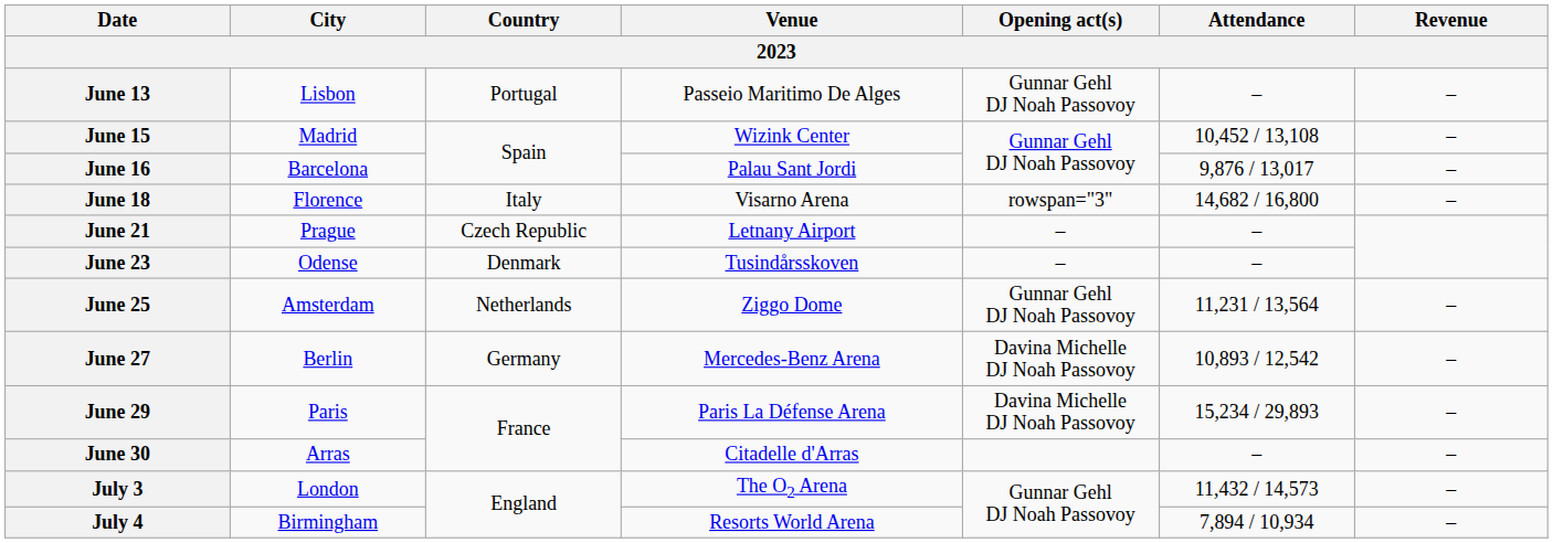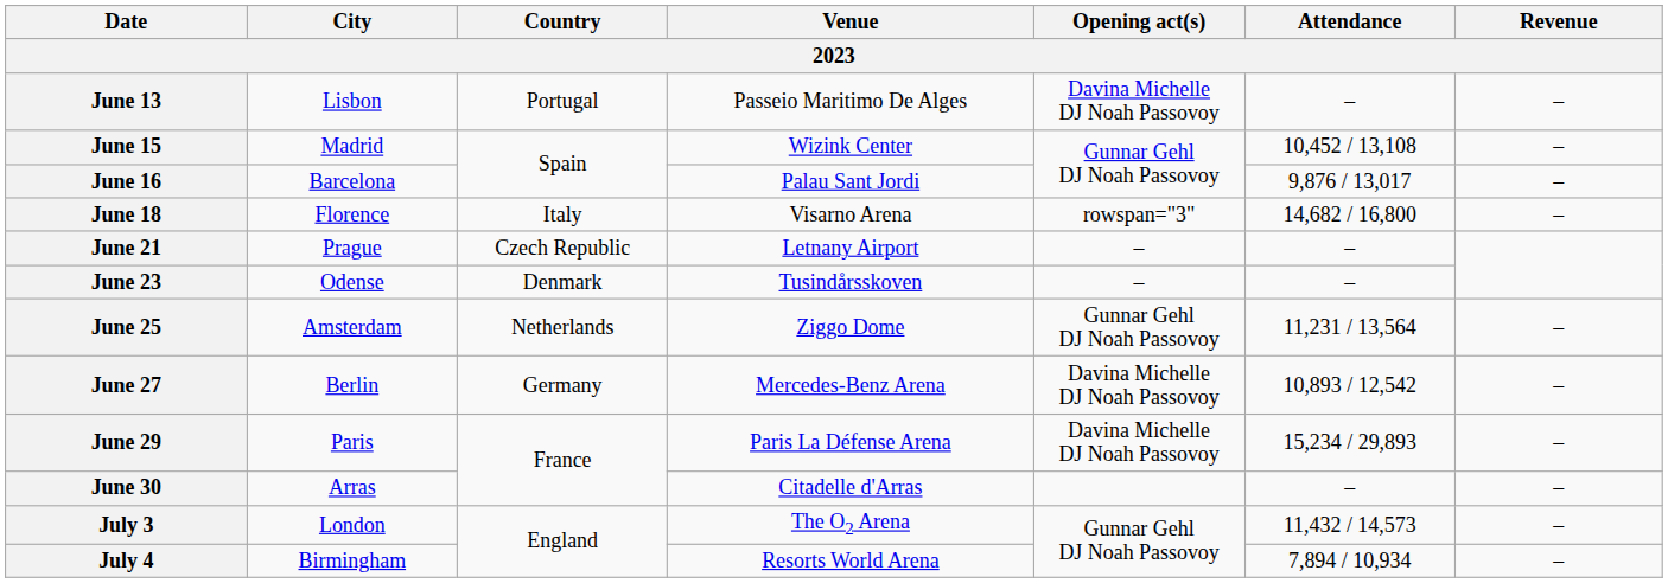 <table class="wikitable plainrowheaders" style="text-align:center;">
 <tr>
 <th scope="col" style="width:12em;">Date</th>
 <th scope="col" style="width:10em;">City</th>
 <th scope="col" style="width:10em;">Country</th>
 <th scope="col" style="width:18em;">Venue</th>
 <th scope="col" style="width:10em;">Opening act(s)</th>
 <th scope="col" style="width:10em;">Attendance</th>
 <th scope="col" style="width:10em;">Revenue</th>
 </tr>
 <tr>
 <th colspan="7"><strong>2023</strong></th>
 </tr>
 <tr>
 <th scope="row">June 13</th>
 <td><a href='#'>Lisbon</a></td>
 <td>Portugal</td>
 <td>Passeio Maritimo De Alges</td>
-<td>Gunnar Gehl<br>DJ Noah Passovoy</td>
+<td><a href='#'>Davina Michelle</a><br>DJ Noah Passovoy</td>
 <td>–</td>
 <td>–</td>
 </tr>
 <tr>
 <th scope="row">June 15</th>
 <td><a href='#'>Madrid</a></td>
 <td rowspan="2">Spain</td>
 <td><a href='#'>Wizink Center</a></td>
 <td rowspan="2"><a href='#'>Gunnar Gehl</a><br>DJ Noah Passovoy</td>
 <td>10,452 / 13,108</td>
 <td>–</td>
 </tr>
 <tr>
 <th scope="row">June 16</th>
 <td><a href='#'>Barcelona</a></td>
 <td><a href='#'>Palau Sant Jordi</a></td>
 <td>9,876 / 13,017</td>
 <td>–</td>
 </tr>
 <tr>
 <th scope="row">June 18</th>
 <td><a href='#'>Florence</a></td>
 <td>Italy</td>
 <td>Visarno Arena</td>
 <td>rowspan="3" </td>
 <td>14,682 / 16,800</td>
 <td>–</td>
 </tr>
 <tr>
 <th scope="row">June 21</th>
 <td><a href='#'>Prague</a></td>
 <td>Czech Republic</td>
 <td><a href='#'>Letnany Airport</a></td>
 <td>–</td>
 <td>–</td>
 </tr>
 <tr>
 <th scope="row">June 23</th>
 <td><a href='#'>Odense</a></td>
 <td>Denmark</td>
 <td><a href='#'>Tusindårsskoven</a></td>
 <td>–</td>
 <td>–</td>
 </tr>
 <tr>
 <th scope="row">June 25</th>
 <td><a href='#'>Amsterdam</a></td>
 <td>Netherlands</td>
 <td><a href='#'>Ziggo Dome</a></td>
 <td>Gunnar Gehl<br>DJ Noah Passovoy</td>
 <td>11,231 / 13,564</td>
 <td>–</td>
 </tr>
 <tr>
 <th scope="row">June 27</th>
 <td><a href='#'>Berlin</a></td>
 <td>Germany</td>
 <td><a href='#'>Mercedes-Benz Arena</a></td>
 <td>Davina Michelle<br>DJ Noah Passovoy</td>
 <td>10,893 / 12,542</td>
 <td>–</td>
 </tr>
 <tr>
 <th scope="row">June 29</th>
 <td><a href='#'>Paris</a></td>
 <td rowspan="2">France</td>
 <td><a href='#'>Paris La Défense Arena</a></td>
 <td>Davina Michelle<br>DJ Noah Passovoy</td>
 <td>15,234 / 29,893</td>
 <td>–</td>
 </tr>
 <tr>
 <th scope="row">June 30</th>
 <td><a href='#'>Arras</a></td>
 <td><a href='#'>Citadelle d'Arras</a></td>
 <td></td>
 <td>–</td>
 <td>–</td>
 </tr>
 <tr>
 <th scope="row">July 3</th>
 <td><a href='#'>London</a></td>
 <td rowspan="2">England</td>
 <td><a href='#'>The O<sub>2</sub> Arena</a></td>
 <td rowspan="2">Gunnar Gehl<br>DJ Noah Passovoy</td>
 <td>11,432 / 14,573</td>
 <td>–</td>
 </tr>
 <tr>
 <th scope="row">July 4</th>
 <td><a href='#'>Birmingham</a></td>
 <td><a href='#'>Resorts World Arena</a></td>
 <td>7,894 / 10,934</td>
 <td>–</td>
 </tr>
 </table>
